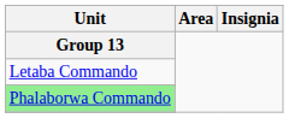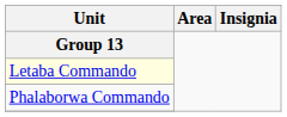 <table class="wikitable">
 <tr>
 <th>Unit</th>
 <th>Area</th>
 <th>Insignia</th>
 </tr>
 <tr>
 <th>Group 13</th>
 </tr>
 <tr>
-<td><a href='#'>Letaba Commando</a></td>
+<td style="background: lightyellow;"><a href='#'>Letaba Commando</a></td>
 </tr>
 <tr>
-<td style="background: lightgreen;"><a href='#'>Phalaborwa Commando</a></td>
+<td><a href='#'>Phalaborwa Commando</a></td>
 </tr>
 <tr>
 </tr>
 </table>
